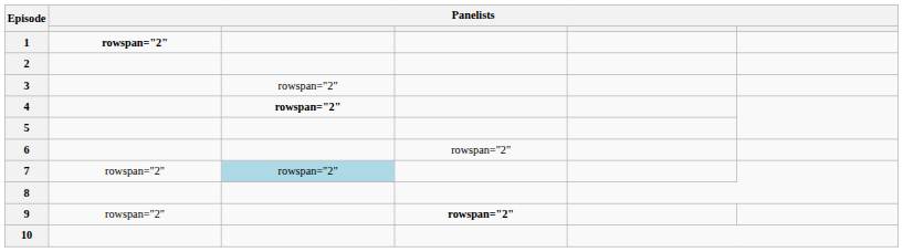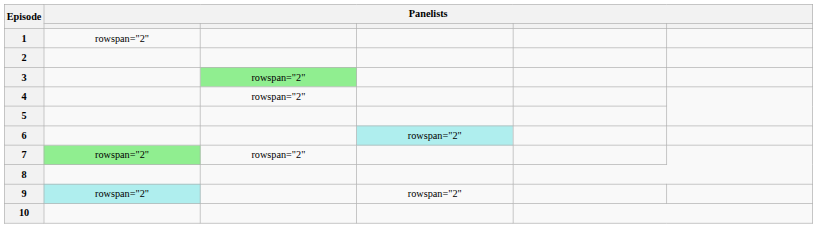 <table class="wikitable plainrowheaders mw-collapsible" style="text-align:center; line-height:23px; width:100%;">
 <tr>
 <th rowspan=2 width=01%>Episode</th>
 <th colspan=6>Panelists</th>
 </tr>
 <tr>
 <th width="20%"></th>
 <th width="20%"></th>
 <th width="20%"></th>
 <th width="20%"></th>
 <th width="20%"></th>
 </tr>
 <tr>
 <th>1</th>
-<td><strong>rowspan="2" </strong></td>
+<td>rowspan="2" </td>
 <td></td>
 <td></td>
 <td></td>
 <td></td>
 </tr>
 <tr>
 <th>2</th>
 <td></td>
 <td></td>
 <td></td>
 <td></td>
 </tr>
 <tr>
 <th>3</th>
 <td></td>
-<td>rowspan="2" </td>
+<td style="background: lightgreen;">rowspan="2" </td>
 <td></td>
 <td></td>
 <td></td>
 </tr>
 <tr>
 <th>4</th>
 <td></td>
-<td><strong>rowspan="2" </strong></td>
+<td>rowspan="2" </td>
 <td></td>
 <td></td>
 </tr>
 <tr>
 <th>5</th>
 <td></td>
 <td></td>
 <td></td>
 <td></td>
 </tr>
 <tr>
 <th>6</th>
 <td></td>
 <td></td>
-<td>rowspan="2" </td>
+<td style="background: paleturquoise;">rowspan="2" </td>
 <td></td>
 <td></td>
 </tr>
 <tr>
 <th>7</th>
+<td style="background: lightgreen;">rowspan="2" </td>
 <td>rowspan="2" </td>
-<td style="background: lightblue;">rowspan="2" </td>
 <td></td>
 <td></td>
 </tr>
 <tr>
 <th>8</th>
 <td></td>
 <td></td>
 <td></td>
 </tr>
 <tr>
 <th>9</th>
+<td style="background: paleturquoise;">rowspan="2" </td>
+<td></td>
 <td>rowspan="2" </td>
-<td></td>
-<td><strong>rowspan="2" </strong></td>
 <td></td>
 <td></td>
 </tr>
 <tr>
 <th>10</th>
 <td></td>
 <td></td>
 <td></td>
 </tr>
 </table>
